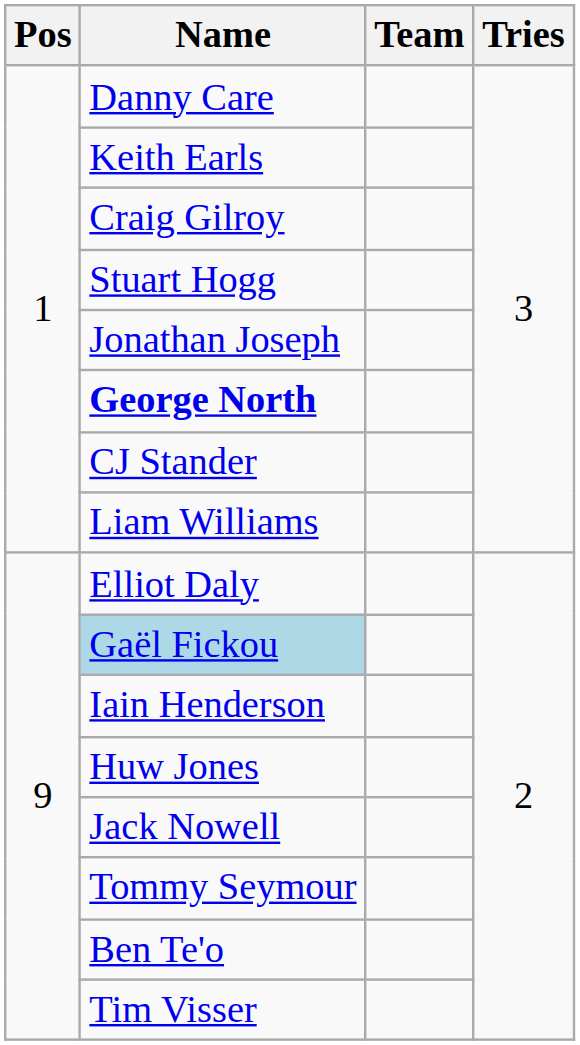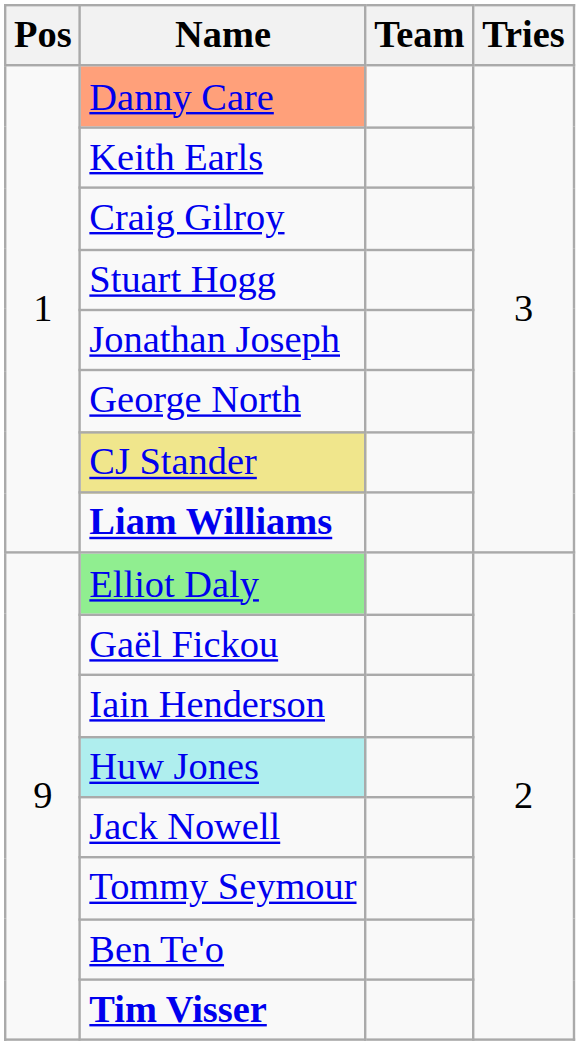 <table class="wikitable" style="text-align:center">
 <tr>
 <th>Pos</th>
 <th>Name</th>
 <th>Team</th>
 <th>Tries</th>
 </tr>
 <tr>
 <td rowspan=8>1</td>
-<td align="left"><a href='#'>Danny Care</a></td>
+<td align="left" style="background: lightsalmon;"><a href='#'>Danny Care</a></td>
 <td align="left"></td>
 <td rowspan=8>3</td>
 </tr>
 <tr>
 <td align="left"><a href='#'>Keith Earls</a></td>
 <td align="left"></td>
 </tr>
 <tr>
 <td align="left"><a href='#'>Craig Gilroy</a></td>
 <td align="left"></td>
 </tr>
 <tr>
 <td align="left"><a href='#'>Stuart Hogg</a></td>
 <td align="left"></td>
 </tr>
 <tr>
 <td align="left"><a href='#'>Jonathan Joseph</a></td>
 <td align="left"></td>
 </tr>
 <tr>
-<td align="left"><strong><a href='#'>George North</a></strong></td>
+<td align="left"><a href='#'>George North</a></td>
 <td align="left"></td>
 </tr>
 <tr>
-<td align="left"><a href='#'>CJ Stander</a></td>
+<td align="left" style="background: khaki;"><a href='#'>CJ Stander</a></td>
 <td align="left"></td>
 </tr>
 <tr>
-<td align="left"><a href='#'>Liam Williams</a></td>
+<td align="left"><strong><a href='#'>Liam Williams</a></strong></td>
 <td align="left"></td>
 </tr>
 <tr>
 <td rowspan=8>9</td>
-<td align="left"><a href='#'>Elliot Daly</a></td>
+<td align="left" style="background: lightgreen;"><a href='#'>Elliot Daly</a></td>
 <td align="left"></td>
 <td rowspan=8>2</td>
 </tr>
 <tr>
-<td align="left" style="background: lightblue;"><a href='#'>Gaël Fickou</a></td>
+<td align="left"><a href='#'>Gaël Fickou</a></td>
 <td align="left"></td>
 </tr>
 <tr>
 <td align="left"><a href='#'>Iain Henderson</a></td>
 <td align="left"></td>
 </tr>
 <tr>
-<td align="left"><a href='#'>Huw Jones</a></td>
+<td align="left" style="background: paleturquoise;"><a href='#'>Huw Jones</a></td>
 <td align="left"></td>
 </tr>
 <tr>
 <td align="left"><a href='#'>Jack Nowell</a></td>
 <td align="left"></td>
 </tr>
 <tr>
 <td align="left"><a href='#'>Tommy Seymour</a></td>
 <td align="left"></td>
 </tr>
 <tr>
 <td align="left"><a href='#'>Ben Te'o</a></td>
 <td align="left"></td>
 </tr>
 <tr>
-<td align="left"><a href='#'>Tim Visser</a></td>
+<td align="left"><strong><a href='#'>Tim Visser</a></strong></td>
 <td align="left"></td>
 </tr>
 </table>
